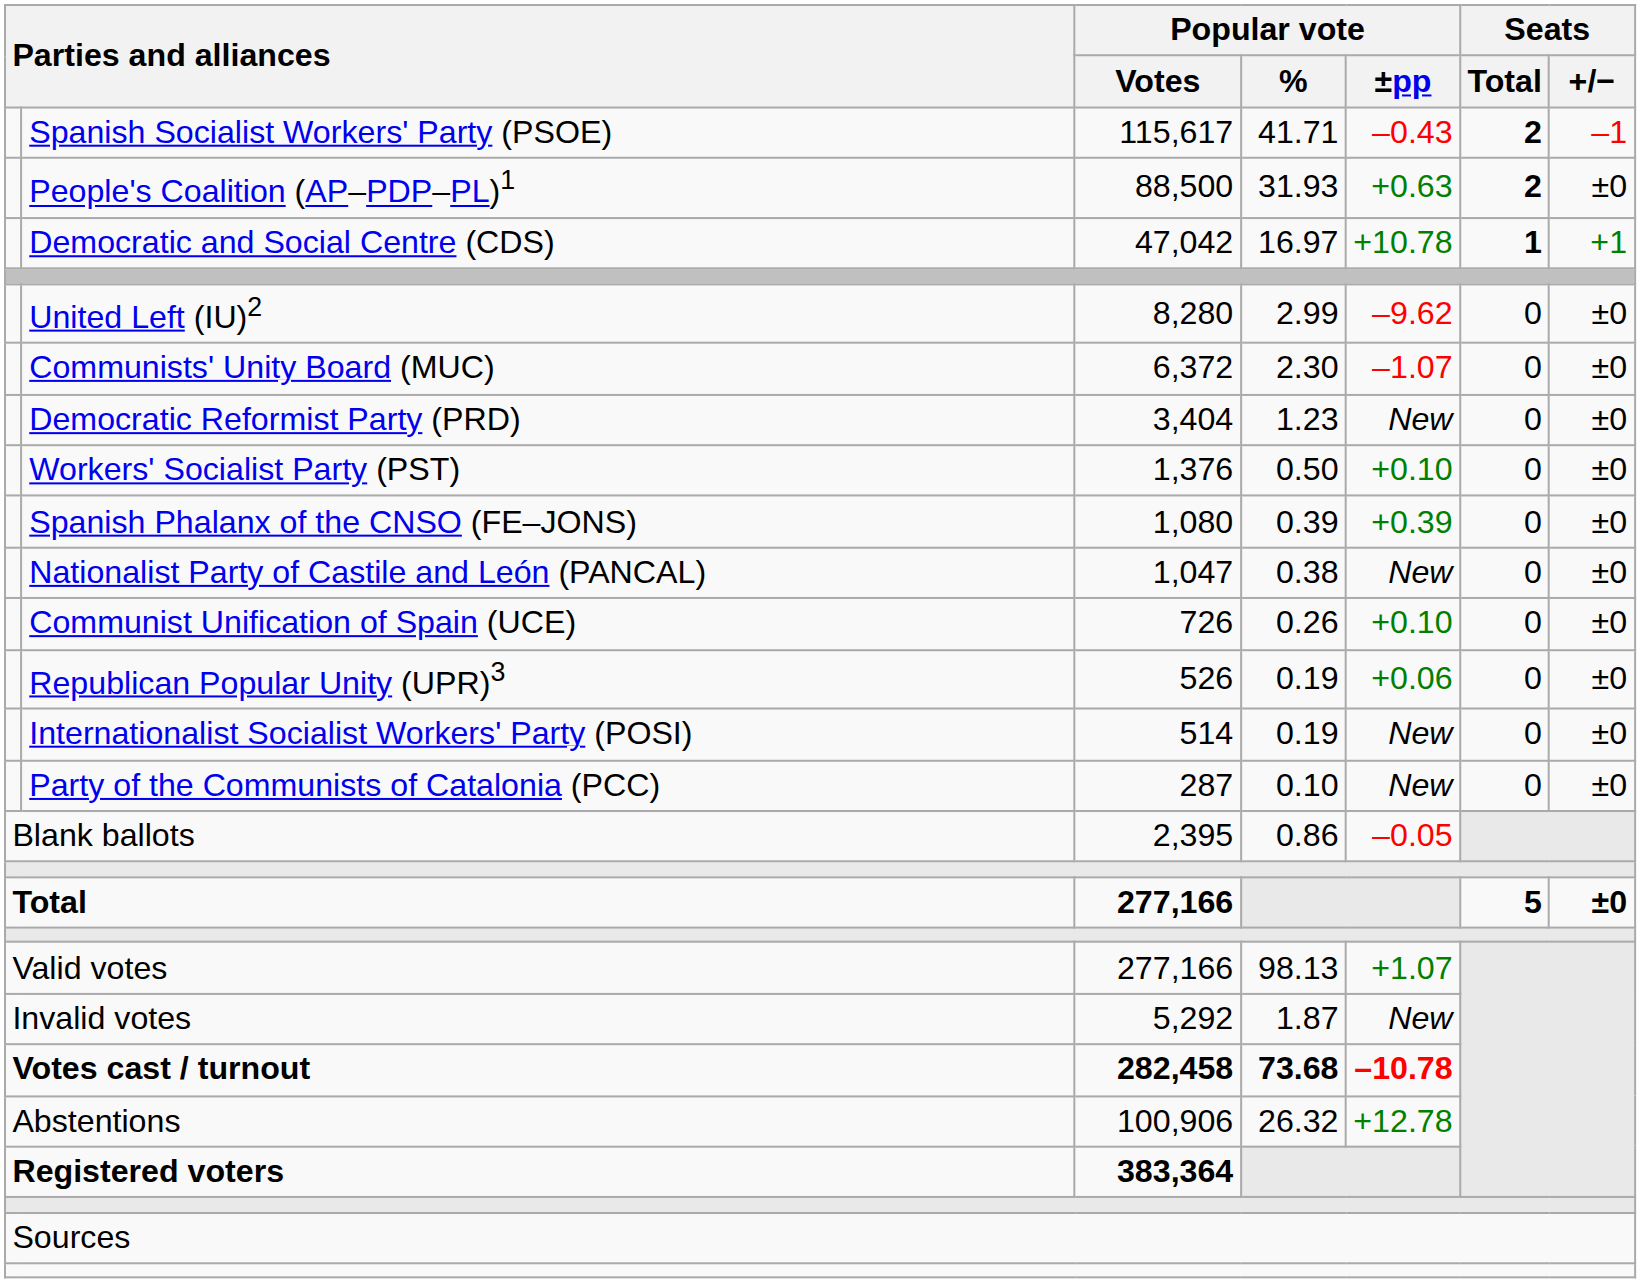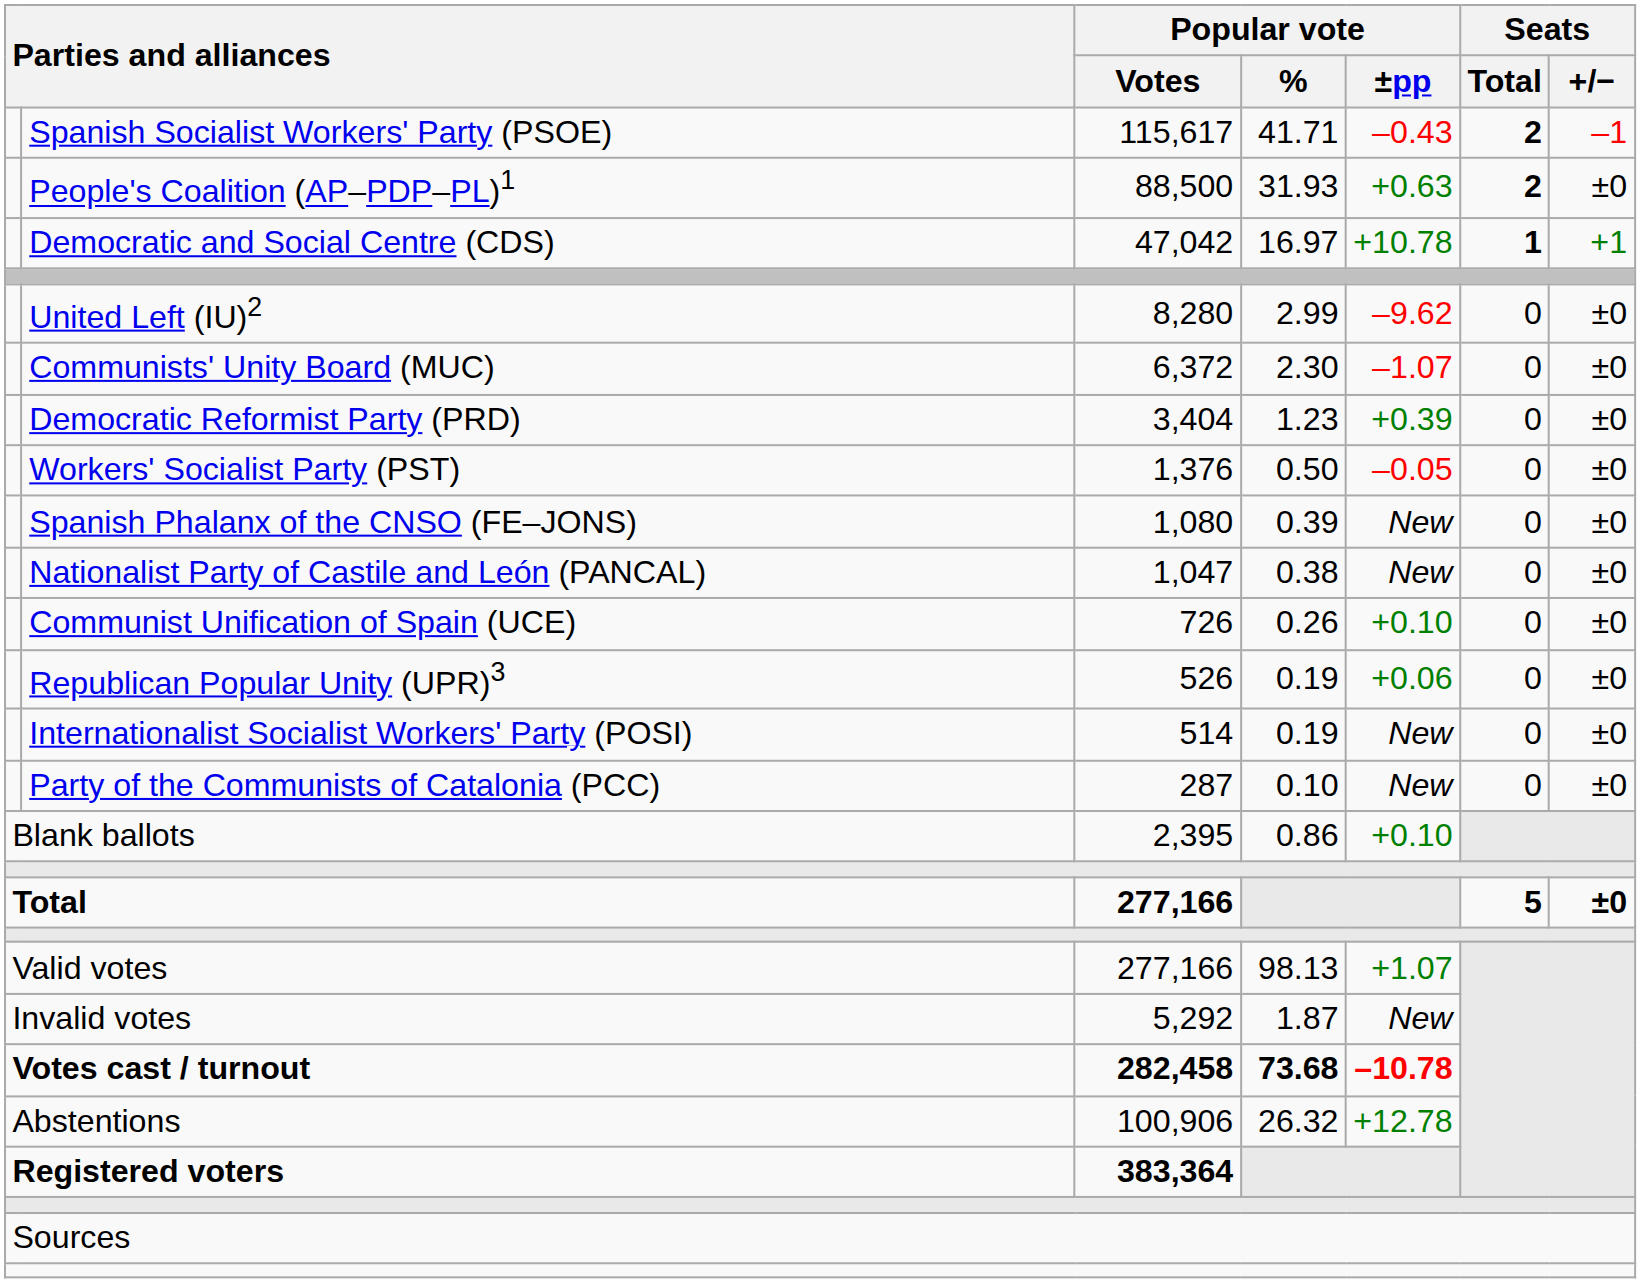 <table class="wikitable" style="text-align:right;">
 <tr>
 <th style="text-align:left;" rowspan="2" colspan="2" width="525">Parties and alliances</th>
 <th colspan="3">Popular vote</th>
 <th colspan="2">Seats</th>
 </tr>
 <tr>
 <th width="75">Votes</th>
 <th width="45">%</th>
 <th width="45">±<a href='#'>pp</a></th>
 <th width="35">Total</th>
 <th width="35">+/−</th>
 </tr>
 <tr>
 <td width="1" style="color:inherit;background:"></td>
 <td align="left"><a href='#'>Spanish Socialist Workers' Party</a> (PSOE)</td>
 <td>115,617</td>
 <td>41.71</td>
 <td style="color:red;">–0.43</td>
 <td><strong>2</strong></td>
 <td style="color:red;">–1</td>
 </tr>
 <tr>
 <td style="color:inherit;background:"></td>
 <td align="left"><a href='#'>People's Coalition</a> (<a href='#'>AP</a>–<a href='#'>PDP</a>–<a href='#'>PL</a>)<sup>1</sup></td>
 <td>88,500</td>
 <td>31.93</td>
 <td style="color:green;">+0.63</td>
 <td><strong>2</strong></td>
 <td>±0</td>
 </tr>
 <tr>
 <td style="color:inherit;background:"></td>
 <td align="left"><a href='#'>Democratic and Social Centre</a> (CDS)</td>
 <td>47,042</td>
 <td>16.97</td>
 <td style="color:green;">+10.78</td>
 <td><strong>1</strong></td>
 <td style="color:green;">+1</td>
 </tr>
 <tr>
 <td colspan="7" bgcolor="#C0C0C0"></td>
 </tr>
 <tr>
 <td style="color:inherit;background:"></td>
 <td align="left"><a href='#'>United Left</a> (IU)<sup>2</sup></td>
 <td>8,280</td>
 <td>2.99</td>
 <td style="color:red;">–9.62</td>
 <td>0</td>
 <td>±0</td>
 </tr>
 <tr>
 <td style="color:inherit;background:"></td>
 <td align="left"><a href='#'>Communists' Unity Board</a> (MUC)</td>
 <td>6,372</td>
 <td>2.30</td>
 <td style="color:red;">–1.07</td>
 <td>0</td>
 <td>±0</td>
 </tr>
 <tr>
 <td style="color:inherit;background:"></td>
 <td align="left"><a href='#'>Democratic Reformist Party</a> (PRD)</td>
 <td>3,404</td>
 <td>1.23</td>
-<td><em>New</em></td>
+<td style="color:green;">+0.39</td>
 <td>0</td>
 <td>±0</td>
 </tr>
 <tr>
 <td style="color:inherit;background:"></td>
 <td align="left"><a href='#'>Workers' Socialist Party</a> (PST)</td>
 <td>1,376</td>
 <td>0.50</td>
-<td style="color:green;">+0.10</td>
+<td style="color:red;">–0.05</td>
 <td>0</td>
 <td>±0</td>
 </tr>
 <tr>
 <td style="color:inherit;background:"></td>
 <td align="left"><a href='#'>Spanish Phalanx of the CNSO</a> (FE–JONS)</td>
 <td>1,080</td>
 <td>0.39</td>
-<td style="color:green;">+0.39</td>
+<td><em>New</em></td>
 <td>0</td>
 <td>±0</td>
 </tr>
 <tr>
 <td style="color:inherit;background:"></td>
 <td align="left"><a href='#'>Nationalist Party of Castile and León</a> (PANCAL)</td>
 <td>1,047</td>
 <td>0.38</td>
 <td><em>New</em></td>
 <td>0</td>
 <td>±0</td>
 </tr>
 <tr>
 <td style="color:inherit;background:"></td>
 <td align="left"><a href='#'>Communist Unification of Spain</a> (UCE)</td>
 <td>726</td>
 <td>0.26</td>
 <td style="color:green;">+0.10</td>
 <td>0</td>
 <td>±0</td>
 </tr>
 <tr>
 <td style="color:inherit;background:"></td>
 <td align="left"><a href='#'>Republican Popular Unity</a> (UPR)<sup>3</sup></td>
 <td>526</td>
 <td>0.19</td>
 <td style="color:green;">+0.06</td>
 <td>0</td>
 <td>±0</td>
 </tr>
 <tr>
 <td style="color:inherit;background:"></td>
 <td align="left"><a href='#'>Internationalist Socialist Workers' Party</a> (POSI)</td>
 <td>514</td>
 <td>0.19</td>
 <td><em>New</em></td>
 <td>0</td>
 <td>±0</td>
 </tr>
 <tr>
 <td style="color:inherit;background:"></td>
 <td align="left"><a href='#'>Party of the Communists of Catalonia</a> (PCC)</td>
 <td>287</td>
 <td>0.10</td>
 <td><em>New</em></td>
 <td>0</td>
 <td>±0</td>
 </tr>
 <tr>
 <td align="left" colspan="2">Blank ballots</td>
 <td>2,395</td>
 <td>0.86</td>
-<td style="color:red;">–0.05</td>
+<td style="color:green;">+0.10</td>
 <td bgcolor="#E9E9E9" colspan="2"></td>
 </tr>
 <tr>
 <td colspan="7" bgcolor="#E9E9E9"></td>
 </tr>
 <tr style="font-weight:bold;">
 <td align="left" colspan="2">Total</td>
 <td>277,166</td>
 <td bgcolor="#E9E9E9" colspan="2"></td>
 <td>5</td>
 <td>±0</td>
 </tr>
 <tr>
 <td colspan="7" bgcolor="#E9E9E9"></td>
 </tr>
 <tr>
 <td align="left" colspan="2">Valid votes</td>
 <td>277,166</td>
 <td>98.13</td>
 <td style="color:green;">+1.07</td>
 <td bgcolor="#E9E9E9" colspan="2" rowspan="5"></td>
 </tr>
 <tr>
 <td align="left" colspan="2">Invalid votes</td>
 <td>5,292</td>
 <td>1.87</td>
 <td><em>New</em></td>
 </tr>
 <tr style="font-weight:bold;">
 <td align="left" colspan="2">Votes cast / turnout</td>
 <td>282,458</td>
 <td>73.68</td>
 <td style="color:red;">–10.78</td>
 </tr>
 <tr>
 <td align="left" colspan="2">Abstentions</td>
 <td>100,906</td>
 <td>26.32</td>
 <td style="color:green;">+12.78</td>
 </tr>
 <tr style="font-weight:bold;">
 <td align="left" colspan="2">Registered voters</td>
 <td>383,364</td>
 <td bgcolor="#E9E9E9" colspan="2"></td>
 </tr>
 <tr>
 <td colspan="7" bgcolor="#E9E9E9"></td>
 </tr>
 <tr>
 <td align="left" colspan="7">Sources</td>
 </tr>
 <tr>
 <td colspan="7" style="text-align:left; max-width:790px;"></td>
 </tr>
 </table>
